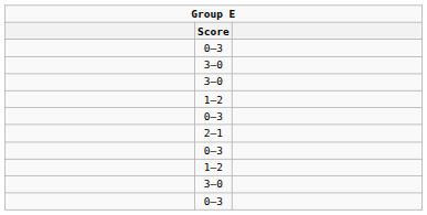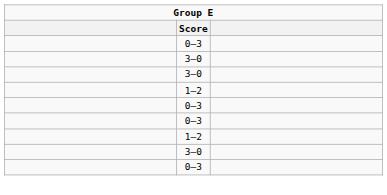 <table class="wikitable" style="text-align: center; display: inline-table;">
 <tr>
 <td colspan="3"><strong>Group E</strong></td>
 </tr>
 <tr>
 <th scope="col" style="width: 230px;"></th>
 <th scope="col" style="width: 30px;">Score</th>
 <th scope="col" style="width: 230px;"></th>
 </tr>
 <tr>
 <td></td>
 <td>0–3</td>
 <td></td>
 </tr>
 <tr>
 <td></td>
 <td>3–0</td>
 <td></td>
 </tr>
 <tr>
 <td></td>
 <td>3–0</td>
 <td></td>
 </tr>
 <tr>
 <td></td>
 <td>1–2</td>
 <td></td>
 </tr>
 <tr>
 <td></td>
 <td>0–3</td>
 <td></td>
 </tr>
 <tr>
 <td></td>
-<td>2–1</td>
-<td></td>
-</tr>
-<tr>
-<td></td>
 <td>0–3</td>
 <td></td>
 </tr>
 <tr>
 <td></td>
 <td>1–2</td>
 <td></td>
 </tr>
 <tr>
 <td></td>
 <td>3–0</td>
 <td></td>
 </tr>
 <tr>
 <td></td>
 <td>0–3</td>
 <td></td>
 </tr>
 </table>
